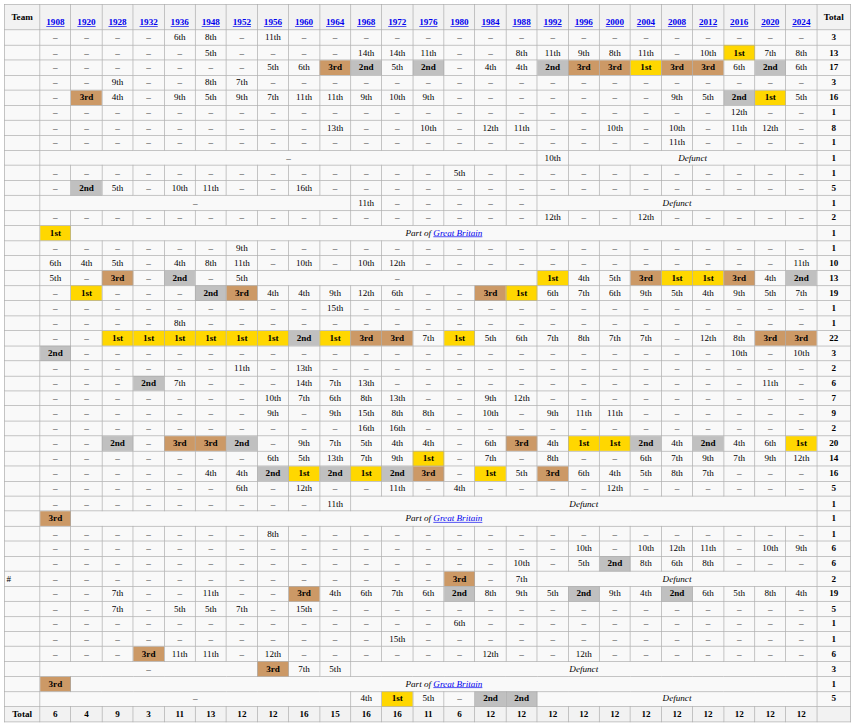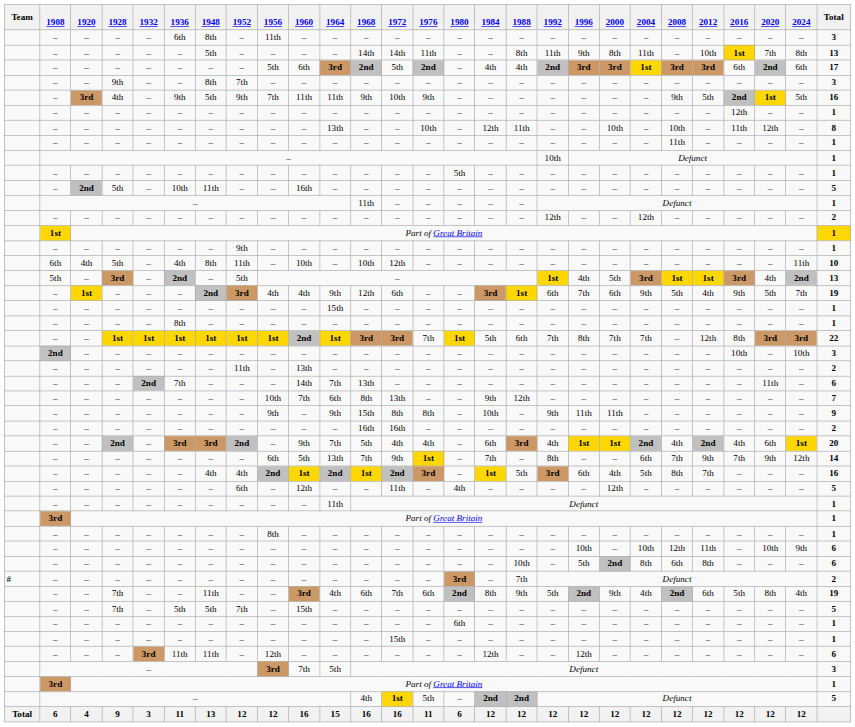 <table class="wikitable" style="text-align:center;width:100%; font-size:85%;">
 <tr>
 <th>Team</th>
 <th><br><a href='#'>1908</a></th>
 <th><br><a href='#'>1920</a></th>
 <th><br><a href='#'>1928</a></th>
 <th><br><a href='#'>1932</a></th>
 <th><br><a href='#'>1936</a></th>
 <th><br><a href='#'>1948</a></th>
 <th><br><a href='#'>1952</a></th>
 <th><br><a href='#'>1956</a></th>
 <th><br><a href='#'>1960</a></th>
 <th><br><a href='#'>1964</a></th>
 <th><br><a href='#'>1968</a></th>
 <th><br><a href='#'>1972</a></th>
 <th><br><a href='#'>1976</a></th>
 <th><br><a href='#'>1980</a></th>
 <th><br><a href='#'>1984</a></th>
 <th><br><a href='#'>1988</a></th>
 <th><br><a href='#'>1992</a></th>
 <th><br><a href='#'>1996</a></th>
 <th><br><a href='#'>2000</a></th>
 <th><br><a href='#'>2004</a></th>
 <th><br><a href='#'>2008</a></th>
 <th><br><a href='#'>2012</a></th>
 <th><br><a href='#'>2016</a></th>
 <th><br><a href='#'>2020</a></th>
 <th><br><a href='#'>2024</a></th>
 <th>Total</th>
 </tr>
 <tr>
 <td align=left></td>
 <td>–</td>
 <td>–</td>
 <td>–</td>
 <td>–</td>
 <td>6th</td>
 <td>8th</td>
 <td>–</td>
 <td>11th</td>
 <td>–</td>
 <td>–</td>
 <td>–</td>
 <td>–</td>
 <td>–</td>
 <td>–</td>
 <td>–</td>
 <td>–</td>
 <td>–</td>
 <td>–</td>
 <td>–</td>
 <td>–</td>
 <td>–</td>
 <td>–</td>
 <td>–</td>
 <td>–</td>
 <td>–</td>
 <td><strong>3</strong></td>
 </tr>
 <tr>
 <td align=left></td>
 <td>–</td>
 <td>–</td>
 <td>–</td>
 <td>–</td>
 <td>–</td>
 <td>5th</td>
 <td>–</td>
 <td>–</td>
 <td>–</td>
 <td>–</td>
 <td>14th</td>
 <td>14th</td>
 <td>11th</td>
 <td>–</td>
 <td>–</td>
 <td>8th</td>
 <td>11th</td>
 <td>9th</td>
 <td>8th</td>
 <td>11th</td>
 <td>–</td>
 <td>10th</td>
 <td bgcolor=gold><strong>1st</strong></td>
 <td>7th</td>
 <td>8th</td>
 <td><strong>13</strong></td>
 </tr>
 <tr>
 <td align=left></td>
 <td>–</td>
 <td>–</td>
 <td>–</td>
 <td>–</td>
 <td>–</td>
 <td>–</td>
 <td>–</td>
 <td>5th</td>
 <td>6th</td>
 <td bgcolor=cc9966><strong>3rd</strong></td>
 <td bgcolor=silver><strong>2nd</strong></td>
 <td>5th</td>
 <td bgcolor=silver><strong>2nd</strong></td>
 <td>–</td>
 <td>4th</td>
 <td>4th</td>
 <td bgcolor=silver><strong>2nd</strong></td>
 <td bgcolor=cc9966><strong>3rd</strong></td>
 <td bgcolor=cc9966><strong>3rd</strong></td>
 <td bgcolor=gold><strong>1st</strong></td>
 <td bgcolor=cc9966><strong>3rd</strong></td>
 <td bgcolor=cc9966><strong>3rd</strong></td>
 <td>6th</td>
 <td bgcolor=silver><strong>2nd</strong></td>
 <td>6th</td>
 <td><strong>17</strong></td>
 </tr>
 <tr>
 <td align=left></td>
 <td>–</td>
 <td>–</td>
 <td>9th</td>
 <td>–</td>
 <td>–</td>
 <td>8th</td>
 <td>7th</td>
 <td>–</td>
 <td>–</td>
 <td>–</td>
 <td>–</td>
 <td>–</td>
 <td>–</td>
 <td>–</td>
 <td>–</td>
 <td>–</td>
 <td>–</td>
 <td>–</td>
 <td>–</td>
 <td>–</td>
 <td>–</td>
 <td>–</td>
 <td>–</td>
 <td>–</td>
 <td>–</td>
 <td><strong>3</strong></td>
 </tr>
 <tr>
 <td align=left></td>
 <td>–</td>
 <td bgcolor=cc9966><strong>3rd</strong></td>
 <td>4th</td>
 <td>–</td>
 <td>9th</td>
 <td>5th</td>
 <td>9th</td>
 <td>7th</td>
 <td>11th</td>
 <td>11th</td>
 <td>9th</td>
 <td>10th</td>
 <td>9th</td>
 <td>–</td>
 <td>–</td>
 <td>–</td>
 <td>–</td>
 <td>–</td>
 <td>–</td>
 <td>–</td>
 <td>9th</td>
 <td>5th</td>
 <td bgcolor=silver><strong>2nd</strong></td>
 <td bgcolor=gold><strong>1st</strong></td>
 <td>5th</td>
 <td><strong>16</strong></td>
 </tr>
 <tr>
 <td align=left></td>
 <td>–</td>
 <td>–</td>
 <td>–</td>
 <td>–</td>
 <td>–</td>
 <td>–</td>
 <td>–</td>
 <td>–</td>
 <td>–</td>
 <td>–</td>
 <td>–</td>
 <td>–</td>
 <td>–</td>
 <td>–</td>
 <td>–</td>
 <td>–</td>
 <td>–</td>
 <td>–</td>
 <td>–</td>
 <td>–</td>
 <td>–</td>
 <td>–</td>
 <td>12th</td>
 <td>–</td>
 <td>–</td>
 <td><strong>1</strong></td>
 </tr>
 <tr>
 <td align=left></td>
 <td>–</td>
 <td>–</td>
 <td>–</td>
 <td>–</td>
 <td>–</td>
 <td>–</td>
 <td>–</td>
 <td>–</td>
 <td>–</td>
 <td>13th</td>
 <td>–</td>
 <td>–</td>
 <td>10th</td>
 <td>–</td>
 <td>12th</td>
 <td>11th</td>
 <td>–</td>
 <td>–</td>
 <td>10th</td>
 <td>–</td>
 <td>10th</td>
 <td>–</td>
 <td>11th</td>
 <td>12th</td>
 <td>–</td>
 <td><strong>8</strong></td>
 </tr>
 <tr>
 <td align=left></td>
 <td>–</td>
 <td>–</td>
 <td>–</td>
 <td>–</td>
 <td>–</td>
 <td>–</td>
 <td>–</td>
 <td>–</td>
 <td>–</td>
 <td>–</td>
 <td>–</td>
 <td>–</td>
 <td>–</td>
 <td>–</td>
 <td>–</td>
 <td>–</td>
 <td>–</td>
 <td>–</td>
 <td>–</td>
 <td>–</td>
 <td>11th</td>
 <td>–</td>
 <td>–</td>
 <td>–</td>
 <td>–</td>
 <td><strong>1</strong></td>
 </tr>
 <tr>
 <td align=left></td>
 <td colspan=16>–</td>
 <td>10th</td>
 <td colspan=8><em>Defunct</em></td>
 <td><strong>1</strong></td>
 </tr>
 <tr>
 <td align=left></td>
 <td>–</td>
 <td>–</td>
 <td>–</td>
 <td>–</td>
 <td>–</td>
 <td>–</td>
 <td>–</td>
 <td>–</td>
 <td>–</td>
 <td>–</td>
 <td>–</td>
 <td>–</td>
 <td>–</td>
 <td>5th</td>
 <td>–</td>
 <td>–</td>
 <td>–</td>
 <td>–</td>
 <td>–</td>
 <td>–</td>
 <td>–</td>
 <td>–</td>
 <td>–</td>
 <td>–</td>
 <td>–</td>
 <td><strong>1</strong></td>
 </tr>
 <tr>
 <td align=left></td>
 <td>–</td>
 <td bgcolor=silver><strong>2nd</strong></td>
 <td>5th</td>
 <td>–</td>
 <td>10th</td>
 <td>11th</td>
 <td>–</td>
 <td>–</td>
 <td>16th</td>
 <td>–</td>
 <td>–</td>
 <td>–</td>
 <td>–</td>
 <td>–</td>
 <td>–</td>
 <td>–</td>
 <td>–</td>
 <td>–</td>
 <td>–</td>
 <td>–</td>
 <td>–</td>
 <td>–</td>
 <td>–</td>
 <td>–</td>
 <td>–</td>
 <td><strong>5</strong></td>
 </tr>
 <tr>
 <td align=left></td>
 <td colspan="10">–</td>
 <td>11th</td>
 <td>–</td>
 <td>–</td>
 <td>–</td>
 <td>–</td>
 <td>–</td>
 <td colspan="9"><em>Defunct</em></td>
 <td><strong>1</strong></td>
 </tr>
 <tr>
 <td align=left></td>
 <td>–</td>
 <td>–</td>
 <td>–</td>
 <td>–</td>
 <td>–</td>
 <td>–</td>
 <td>–</td>
 <td>–</td>
 <td>–</td>
 <td>–</td>
 <td>–</td>
 <td>–</td>
 <td>–</td>
 <td>–</td>
 <td>–</td>
 <td>–</td>
 <td>12th</td>
 <td>–</td>
 <td>–</td>
 <td>12th</td>
 <td>–</td>
 <td>–</td>
 <td>–</td>
 <td>–</td>
 <td>–</td>
 <td><strong>2</strong></td>
 </tr>
 <tr>
 <td align=left></td>
 <td bgcolor=gold><strong>1st</strong></td>
 <td colspan="24"><em>Part of <a href='#'>Great Britain</a></em></td>
-<td><strong>1</strong></td>
+<td style="background: gold;"><strong>1</strong></td>
 </tr>
 <tr>
 <td align=left></td>
 <td>–</td>
 <td>–</td>
 <td>–</td>
 <td>–</td>
 <td>–</td>
 <td>–</td>
 <td>9th</td>
 <td>–</td>
 <td>–</td>
 <td>–</td>
 <td>–</td>
 <td>–</td>
 <td>–</td>
 <td>–</td>
 <td>–</td>
 <td>–</td>
 <td>–</td>
 <td>–</td>
 <td>–</td>
 <td>–</td>
 <td>–</td>
 <td>–</td>
 <td>–</td>
 <td>–</td>
 <td>–</td>
 <td><strong>1</strong></td>
 </tr>
 <tr>
 <td align=left></td>
 <td>6th</td>
 <td>4th</td>
 <td>5th</td>
 <td>–</td>
 <td>4th</td>
 <td>8th</td>
 <td>11th</td>
 <td>–</td>
 <td>10th</td>
 <td>–</td>
 <td>10th</td>
 <td>12th</td>
 <td>–</td>
 <td>–</td>
 <td>–</td>
 <td>–</td>
 <td>–</td>
 <td>–</td>
 <td>–</td>
 <td>–</td>
 <td>–</td>
 <td>–</td>
 <td>–</td>
 <td>–</td>
 <td>11th</td>
 <td><strong>10</strong></td>
 </tr>
 <tr>
 <td align=left></td>
 <td>5th</td>
 <td>–</td>
 <td bgcolor=cc9966><strong>3rd</strong></td>
 <td>–</td>
 <td bgcolor=silver><strong>2nd</strong></td>
 <td>–</td>
 <td>5th</td>
 <td colspan="9">–</td>
 <td bgcolor=gold><strong>1st</strong></td>
 <td>4th</td>
 <td>5th</td>
 <td bgcolor=cc9966><strong>3rd</strong></td>
 <td bgcolor=gold><strong>1st</strong></td>
 <td bgcolor=gold><strong>1st</strong></td>
 <td bgcolor=cc9966><strong>3rd</strong></td>
 <td>4th</td>
 <td bgcolor=silver><strong>2nd</strong></td>
 <td><strong>13</strong></td>
 </tr>
 <tr>
 <td align=left></td>
 <td>–</td>
 <td bgcolor=gold><strong>1st</strong></td>
 <td>–</td>
 <td>–</td>
 <td>–</td>
 <td bgcolor=silver><strong>2nd</strong></td>
 <td bgcolor=cc9966><strong>3rd</strong></td>
 <td>4th</td>
 <td>4th</td>
 <td>9th</td>
 <td>12th</td>
 <td>6th</td>
 <td>–</td>
 <td>–</td>
 <td bgcolor=cc9966><strong>3rd</strong></td>
 <td bgcolor=gold><strong>1st</strong></td>
 <td>6th</td>
 <td>7th</td>
 <td>6th</td>
 <td>9th</td>
 <td>5th</td>
 <td>4th</td>
 <td>9th</td>
 <td>5th</td>
 <td>7th</td>
 <td><strong>19</strong></td>
 </tr>
 <tr>
 <td align=left></td>
 <td>–</td>
 <td>–</td>
 <td>–</td>
 <td>–</td>
 <td>–</td>
 <td>–</td>
 <td>–</td>
 <td>–</td>
 <td>–</td>
 <td>15th</td>
 <td>–</td>
 <td>–</td>
 <td>–</td>
 <td>–</td>
 <td>–</td>
 <td>–</td>
 <td>–</td>
 <td>–</td>
 <td>–</td>
 <td>–</td>
 <td>–</td>
 <td>–</td>
 <td>–</td>
 <td>–</td>
 <td>–</td>
 <td><strong>1</strong></td>
 </tr>
 <tr>
 <td align=left></td>
 <td>–</td>
 <td>–</td>
 <td>–</td>
 <td>–</td>
 <td>8th</td>
 <td>–</td>
 <td>–</td>
 <td>–</td>
 <td>–</td>
 <td>–</td>
 <td>–</td>
 <td>–</td>
 <td>–</td>
 <td>–</td>
 <td>–</td>
 <td>–</td>
 <td>–</td>
 <td>–</td>
 <td>–</td>
 <td>–</td>
 <td>–</td>
 <td>–</td>
 <td>–</td>
 <td>–</td>
 <td>–</td>
 <td><strong>1</strong></td>
 </tr>
 <tr>
 <td align=left></td>
 <td>–</td>
 <td>–</td>
 <td bgcolor=gold><strong>1st</strong></td>
 <td bgcolor=gold><strong>1st</strong></td>
 <td bgcolor=gold><strong>1st</strong></td>
 <td bgcolor=gold><strong>1st</strong></td>
 <td bgcolor=gold><strong>1st</strong></td>
 <td bgcolor=gold><strong>1st</strong></td>
 <td bgcolor=silver><strong>2nd</strong></td>
 <td bgcolor=gold><strong>1st</strong></td>
 <td bgcolor=cc9966><strong>3rd</strong></td>
 <td bgcolor=cc9966><strong>3rd</strong></td>
 <td>7th</td>
 <td bgcolor=gold><strong>1st</strong></td>
 <td>5th</td>
 <td>6th</td>
 <td>7th</td>
 <td>8th</td>
 <td>7th</td>
 <td>7th</td>
 <td>–</td>
 <td>12th</td>
 <td>8th</td>
 <td bgcolor=cc9966><strong>3rd</strong></td>
 <td bgcolor=cc9966><strong>3rd</strong></td>
 <td><strong>22</strong></td>
 </tr>
 <tr>
 <td align=left></td>
 <td bgcolor=silver><strong>2nd</strong></td>
 <td>–</td>
 <td>–</td>
 <td>–</td>
 <td>–</td>
 <td>–</td>
 <td>–</td>
 <td>–</td>
 <td>–</td>
 <td>–</td>
 <td>–</td>
 <td>–</td>
 <td>–</td>
 <td>–</td>
 <td>–</td>
 <td>–</td>
 <td>–</td>
 <td>–</td>
 <td>–</td>
 <td>–</td>
 <td>–</td>
 <td>–</td>
 <td>10th</td>
 <td>–</td>
 <td>10th</td>
 <td><strong>3</strong></td>
 </tr>
 <tr>
 <td align=left></td>
 <td>–</td>
 <td>–</td>
 <td>–</td>
 <td>–</td>
 <td>–</td>
 <td>–</td>
 <td>11th</td>
 <td>–</td>
 <td>13th</td>
 <td>–</td>
 <td>–</td>
 <td>–</td>
 <td>–</td>
 <td>–</td>
 <td>–</td>
 <td>–</td>
 <td>–</td>
 <td>–</td>
 <td>–</td>
 <td>–</td>
 <td>–</td>
 <td>–</td>
 <td>–</td>
 <td>–</td>
 <td>–</td>
 <td><strong>2</strong></td>
 </tr>
 <tr>
 <td align=left></td>
 <td>–</td>
 <td>–</td>
 <td>–</td>
 <td bgcolor=silver><strong>2nd</strong></td>
 <td>7th</td>
 <td>–</td>
 <td>–</td>
 <td>–</td>
 <td>14th</td>
 <td>7th</td>
 <td>13th</td>
 <td>–</td>
 <td>–</td>
 <td>–</td>
 <td>–</td>
 <td>–</td>
 <td>–</td>
 <td>–</td>
 <td>–</td>
 <td>–</td>
 <td>–</td>
 <td>–</td>
 <td>–</td>
 <td>11th</td>
 <td>–</td>
 <td><strong>6</strong></td>
 </tr>
 <tr>
 <td align=left></td>
 <td>–</td>
 <td>–</td>
 <td>–</td>
 <td>–</td>
 <td>–</td>
 <td>–</td>
 <td>–</td>
 <td>10th</td>
 <td>7th</td>
 <td>6th</td>
 <td>8th</td>
 <td>13th</td>
 <td>–</td>
 <td>–</td>
 <td>9th</td>
 <td>12th</td>
 <td>–</td>
 <td>–</td>
 <td>–</td>
 <td>–</td>
 <td>–</td>
 <td>–</td>
 <td>–</td>
 <td>–</td>
 <td>–</td>
 <td><strong>7</strong></td>
 </tr>
 <tr>
 <td align=left></td>
 <td>–</td>
 <td>–</td>
 <td>–</td>
 <td>–</td>
 <td>–</td>
 <td>–</td>
 <td>–</td>
 <td>9th</td>
 <td>–</td>
 <td>9th</td>
 <td>15th</td>
 <td>8th</td>
 <td>8th</td>
 <td>–</td>
 <td>10th</td>
 <td>–</td>
 <td>9th</td>
 <td>11th</td>
 <td>11th</td>
 <td>–</td>
 <td>–</td>
 <td>–</td>
 <td>–</td>
 <td>–</td>
 <td>–</td>
 <td><strong>9</strong></td>
 </tr>
 <tr>
 <td align=left></td>
 <td>–</td>
 <td>–</td>
 <td>–</td>
 <td>–</td>
 <td>–</td>
 <td>–</td>
 <td>–</td>
 <td>–</td>
 <td>–</td>
 <td>–</td>
 <td>16th</td>
 <td>16th</td>
 <td>–</td>
 <td>–</td>
 <td>–</td>
 <td>–</td>
 <td>–</td>
 <td>–</td>
 <td>–</td>
 <td>–</td>
 <td>–</td>
 <td>–</td>
 <td>–</td>
 <td>–</td>
 <td>–</td>
 <td><strong>2</strong></td>
 </tr>
 <tr>
 <td align=left></td>
 <td>–</td>
 <td>–</td>
 <td bgcolor=silver><strong>2nd</strong></td>
 <td>–</td>
 <td bgcolor=cc9966><strong>3rd</strong></td>
 <td bgcolor=cc9966><strong>3rd</strong></td>
 <td bgcolor=silver><strong>2nd</strong></td>
 <td>–</td>
 <td>9th</td>
 <td>7th</td>
 <td>5th</td>
 <td>4th</td>
 <td>4th</td>
 <td>–</td>
 <td>6th</td>
 <td bgcolor=cc9966><strong>3rd</strong></td>
 <td>4th</td>
 <td bgcolor=gold><strong>1st</strong></td>
 <td bgcolor=gold><strong>1st</strong></td>
 <td bgcolor=silver><strong>2nd</strong></td>
 <td>4th</td>
 <td bgcolor=silver><strong>2nd</strong></td>
 <td>4th</td>
 <td>6th</td>
 <td bgcolor=gold><strong>1st</strong></td>
 <td><strong>20</strong></td>
 </tr>
 <tr>
 <td align=left></td>
 <td>–</td>
 <td>–</td>
 <td>–</td>
 <td>–</td>
 <td>–</td>
 <td>–</td>
 <td>–</td>
 <td>6th</td>
 <td>5th</td>
 <td>13th</td>
 <td>7th</td>
 <td>9th</td>
 <td bgcolor=gold><strong>1st</strong></td>
 <td>–</td>
 <td>7th</td>
 <td>–</td>
 <td>8th</td>
 <td>–</td>
 <td>–</td>
 <td>6th</td>
 <td>7th</td>
 <td>9th</td>
 <td>7th</td>
 <td>9th</td>
 <td>12th</td>
 <td><strong>14</strong></td>
 </tr>
 <tr>
 <td align=left></td>
 <td>–</td>
 <td>–</td>
 <td>–</td>
 <td>–</td>
 <td>–</td>
 <td>4th</td>
 <td>4th</td>
 <td bgcolor=silver><strong>2nd</strong></td>
 <td bgcolor=gold><strong>1st</strong></td>
 <td bgcolor=silver><strong>2nd</strong></td>
 <td bgcolor=gold><strong>1st</strong></td>
 <td bgcolor=silver><strong>2nd</strong></td>
 <td bgcolor=cc9966><strong>3rd</strong></td>
 <td>–</td>
 <td bgcolor=gold><strong>1st</strong></td>
 <td>5th</td>
 <td bgcolor=cc9966><strong>3rd</strong></td>
 <td>6th</td>
 <td>4th</td>
 <td>5th</td>
 <td>8th</td>
 <td>7th</td>
 <td>–</td>
 <td>–</td>
 <td>–</td>
 <td><strong>16</strong></td>
 </tr>
 <tr>
 <td align=left></td>
 <td>–</td>
 <td>–</td>
 <td>–</td>
 <td>–</td>
 <td>–</td>
 <td>–</td>
 <td>6th</td>
 <td>–</td>
 <td>12th</td>
 <td>–</td>
 <td>–</td>
 <td>11th</td>
 <td>–</td>
 <td>4th</td>
 <td>–</td>
 <td>–</td>
 <td>–</td>
 <td>–</td>
 <td>12th</td>
 <td>–</td>
 <td>–</td>
 <td>–</td>
 <td>–</td>
 <td>–</td>
 <td>–</td>
 <td><strong>5</strong></td>
 </tr>
 <tr>
 <td align=left></td>
 <td>–</td>
 <td>–</td>
 <td>–</td>
 <td>–</td>
 <td>–</td>
 <td>–</td>
 <td>–</td>
 <td>–</td>
 <td>–</td>
 <td>11th</td>
 <td colspan=15><em>Defunct</em></td>
 <td><strong>1</strong></td>
 </tr>
 <tr>
 <td align=left></td>
 <td bgcolor=cc9966><strong>3rd</strong></td>
 <td colspan="24"><em>Part of <a href='#'>Great Britain</a></em></td>
 <td><strong>1</strong></td>
 </tr>
 <tr>
 <td align=left></td>
 <td>–</td>
 <td>–</td>
 <td>–</td>
 <td>–</td>
 <td>–</td>
 <td>–</td>
 <td>–</td>
 <td>8th</td>
 <td>–</td>
 <td>–</td>
 <td>–</td>
 <td>–</td>
 <td>–</td>
 <td>–</td>
 <td>–</td>
 <td>–</td>
 <td>–</td>
 <td>–</td>
 <td>–</td>
 <td>–</td>
 <td>–</td>
 <td>–</td>
 <td>–</td>
 <td>–</td>
 <td>–</td>
 <td><strong>1</strong></td>
 </tr>
 <tr>
 <td align=left></td>
 <td>–</td>
 <td>–</td>
 <td>–</td>
 <td>–</td>
 <td>–</td>
 <td>–</td>
 <td>–</td>
 <td>–</td>
 <td>–</td>
 <td>–</td>
 <td>–</td>
 <td>–</td>
 <td>–</td>
 <td>–</td>
 <td>–</td>
 <td>–</td>
 <td>–</td>
 <td>10th</td>
 <td>–</td>
 <td>10th</td>
 <td>12th</td>
 <td>11th</td>
 <td>–</td>
 <td>10th</td>
 <td>9th</td>
 <td><strong>6</strong></td>
 </tr>
 <tr>
 <td align=left></td>
 <td>–</td>
 <td>–</td>
 <td>–</td>
 <td>–</td>
 <td>–</td>
 <td>–</td>
 <td>–</td>
 <td>–</td>
 <td>–</td>
 <td>–</td>
 <td>–</td>
 <td>–</td>
 <td>–</td>
 <td>–</td>
 <td>–</td>
 <td>10th</td>
 <td>–</td>
 <td>5th</td>
 <td bgcolor=silver><strong>2nd</strong></td>
 <td>8th</td>
 <td>6th</td>
 <td>8th</td>
 <td>–</td>
 <td>–</td>
 <td>–</td>
 <td><strong>6</strong></td>
 </tr>
 <tr>
 <td align=left>#</td>
 <td>–</td>
 <td>–</td>
 <td>–</td>
 <td>–</td>
 <td>–</td>
 <td>–</td>
 <td>–</td>
 <td>–</td>
 <td>–</td>
 <td>–</td>
 <td>–</td>
 <td>–</td>
 <td>–</td>
 <td bgcolor=cc9966><strong>3rd</strong></td>
 <td>–</td>
 <td>7th</td>
 <td colspan="9"><em>Defunct</em></td>
 <td><strong>2</strong></td>
 </tr>
 <tr>
 <td align=left></td>
 <td>–</td>
 <td>–</td>
 <td>7th</td>
 <td>–</td>
 <td>–</td>
 <td>11th</td>
 <td>–</td>
 <td>–</td>
 <td bgcolor=cc9966><strong>3rd</strong></td>
 <td>4th</td>
 <td>6th</td>
 <td>7th</td>
 <td>6th</td>
 <td bgcolor=silver><strong>2nd</strong></td>
 <td>8th</td>
 <td>9th</td>
 <td>5th</td>
 <td bgcolor=silver><strong>2nd</strong></td>
 <td>9th</td>
 <td>4th</td>
 <td bgcolor=silver><strong>2nd</strong></td>
 <td>6th</td>
 <td>5th</td>
 <td>8th</td>
 <td>4th</td>
 <td><strong>19</strong></td>
 </tr>
 <tr>
 <td align=left></td>
 <td>–</td>
 <td>–</td>
 <td>7th</td>
 <td>–</td>
 <td>5th</td>
 <td>5th</td>
 <td>7th</td>
 <td>–</td>
 <td>15th</td>
 <td>–</td>
 <td>–</td>
 <td>–</td>
 <td>–</td>
 <td>–</td>
 <td>–</td>
 <td>–</td>
 <td>–</td>
 <td>–</td>
 <td>–</td>
 <td>–</td>
 <td>–</td>
 <td>–</td>
 <td>–</td>
 <td>–</td>
 <td>–</td>
 <td><strong>5</strong></td>
 </tr>
 <tr>
 <td align=left></td>
 <td>–</td>
 <td>–</td>
 <td>–</td>
 <td>–</td>
 <td>–</td>
 <td>–</td>
 <td>–</td>
 <td>–</td>
 <td>–</td>
 <td>–</td>
 <td>–</td>
 <td>–</td>
 <td>–</td>
 <td>6th</td>
 <td>–</td>
 <td>–</td>
 <td>–</td>
 <td>–</td>
 <td>–</td>
 <td>–</td>
 <td>–</td>
 <td>–</td>
 <td>–</td>
 <td>–</td>
 <td>–</td>
 <td><strong>1</strong></td>
 </tr>
 <tr>
 <td align=left></td>
 <td>–</td>
 <td>–</td>
 <td>–</td>
 <td>–</td>
 <td>–</td>
 <td>–</td>
 <td>–</td>
 <td>–</td>
 <td>–</td>
 <td>–</td>
 <td>–</td>
 <td>15th</td>
 <td>–</td>
 <td>–</td>
 <td>–</td>
 <td>–</td>
 <td>–</td>
 <td>–</td>
 <td>–</td>
 <td>–</td>
 <td>–</td>
 <td>–</td>
 <td>–</td>
 <td>–</td>
 <td>–</td>
 <td><strong>1</strong></td>
 </tr>
 <tr>
 <td align=left></td>
 <td>–</td>
 <td>–</td>
 <td>–</td>
 <td bgcolor=cc9966><strong>3rd</strong></td>
 <td>11th</td>
 <td>11th</td>
 <td>–</td>
 <td>12th</td>
 <td>–</td>
 <td>–</td>
 <td>–</td>
 <td>–</td>
 <td>–</td>
 <td>–</td>
 <td>12th</td>
 <td>–</td>
 <td>–</td>
 <td>12th</td>
 <td>–</td>
 <td>–</td>
 <td>–</td>
 <td>–</td>
 <td>–</td>
 <td>–</td>
 <td>–</td>
 <td><strong>6</strong></td>
 </tr>
 <tr>
 <td align=left></td>
 <td colspan="7">–</td>
 <td bgcolor=cc9966><strong>3rd</strong></td>
 <td>7th</td>
 <td>5th</td>
 <td colspan="15"><em>Defunct</em></td>
 <td><strong>3</strong></td>
 </tr>
 <tr>
 <td align=left></td>
 <td bgcolor=cc9966><strong>3rd</strong></td>
 <td colspan="24"><em>Part of <a href='#'>Great Britain</a></em></td>
 <td><strong>1</strong></td>
 </tr>
 <tr>
 <td align=left></td>
 <td colspan="10">–</td>
 <td>4th</td>
 <td bgcolor=gold><strong>1st</strong></td>
 <td>5th</td>
 <td>–</td>
 <td bgcolor=silver><strong>2nd</strong></td>
 <td bgcolor=silver><strong>2nd</strong></td>
 <td colspan="9"><em>Defunct</em></td>
 <td><strong>5</strong></td>
 </tr>
 <tr>
 <th>Total</th>
 <th>6</th>
 <th>4</th>
 <th>9</th>
 <th>3</th>
 <th>11</th>
 <th>13</th>
 <th>12</th>
 <th>12</th>
 <th>16</th>
 <th>15</th>
 <th>16</th>
 <th>16</th>
 <th>11</th>
 <th>6</th>
 <th>12</th>
 <th>12</th>
 <th>12</th>
 <th>12</th>
 <th>12</th>
 <th>12</th>
 <th>12</th>
 <th>12</th>
 <th>12</th>
 <th>12</th>
 <th>12</th>
 <th></th>
 </tr>
 </table>
